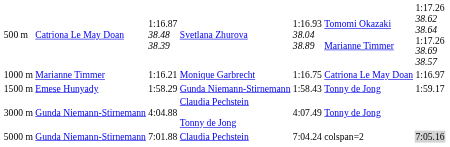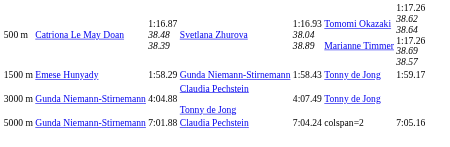 <table>
 <tr>
 <td>500 m<br></td>
 <td><a href='#'>Catriona Le May Doan</a><br><small></small></td>
 <td>1:16.87<br><em>38.48<br>38.39</em></td>
 <td><a href='#'>Svetlana Zhurova</a><br><small></small></td>
 <td>1:16.93<br><em>38.04<br>38.89</em></td>
 <td><a href='#'>Tomomi Okazaki</a><br><small></small><br><a href='#'>Marianne Timmer</a><br><small></small></td>
 <td>1:17.26<br><em>38.62<br>38.64</em><br>1:17.26<br><em>38.69<br>38.57</em></td>
-</tr>
-<tr>
-<td>1000 m<br></td>
-<td><a href='#'>Marianne Timmer</a><br><small></small></td>
-<td>1:16.21</td>
-<td><a href='#'>Monique Garbrecht</a><br><small></small></td>
-<td>1:16.75</td>
-<td><a href='#'>Catriona Le May Doan</a><br><small></small></td>
-<td>1:16.97</td>
 </tr>
 <tr>
 <td>1500 m<br></td>
 <td><a href='#'>Emese Hunyady</a><br><small></small></td>
 <td>1:58.29</td>
 <td><a href='#'>Gunda Niemann-Stirnemann</a><br><small></small></td>
 <td>1:58.43</td>
 <td><a href='#'>Tonny de Jong</a><br><small></small></td>
 <td>1:59.17</td>
 </tr>
 <tr>
 <td>3000 m<br></td>
 <td><a href='#'>Gunda Niemann-Stirnemann</a><br><small></small></td>
 <td>4:04.88</td>
 <td><a href='#'>Claudia Pechstein</a><br><small></small><br><a href='#'>Tonny de Jong</a><br><small></small></td>
 <td>4:07.49</td>
 <td><a href='#'>Tonny de Jong</a><br><small></small></td>
 </tr>
 <tr>
 <td>5000 m<br></td>
 <td><a href='#'>Gunda Niemann-Stirnemann</a><br><small></small></td>
 <td>7:01.88</td>
 <td><a href='#'>Claudia Pechstein</a><br><small></small></td>
 <td>7:04.24</td>
 <td>colspan=2 </td>
-<td style="background: lightgrey;">7:05.16</td>
+<td>7:05.16</td>
 </tr>
 </table>
